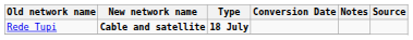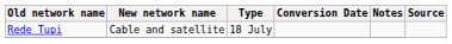 <table class="wikitable">
 <tr>
 <th>Old network name</th>
 <th>New network name</th>
 <th>Type</th>
 <th>Conversion Date</th>
 <th>Notes</th>
 <th>Source</th>
 </tr>
 <tr>
 <td><a href='#'>Rede Tupi</a></td>
-<td><strong>Cable and satellite</strong></td>
-<td><strong>18 July</strong></td>
+<td>Cable and satellite</td>
+<td>18 July</td>
 <td></td>
 <td></td>
 </tr>
 <tr>
 </tr>
 </table>
